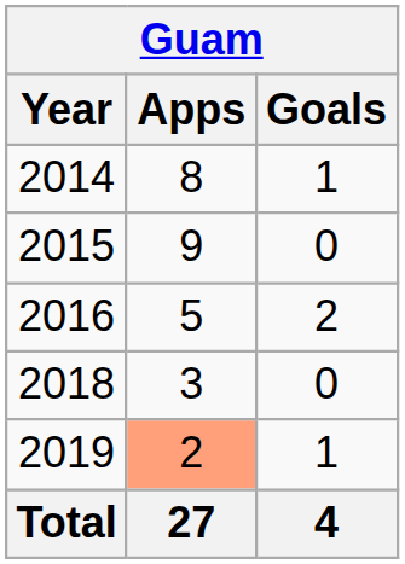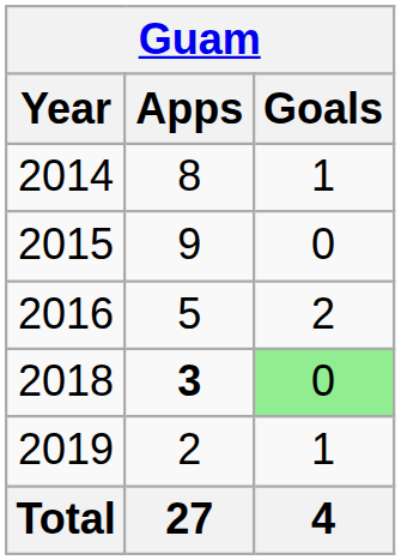 <table class="wikitable" style="text-align:center">
 <tr>
 <th colspan=3><a href='#'>Guam</a></th>
 </tr>
 <tr>
 <th>Year</th>
 <th>Apps</th>
 <th>Goals</th>
 </tr>
 <tr>
 <td>2014</td>
 <td>8</td>
 <td>1</td>
 </tr>
 <tr>
 <td>2015</td>
 <td>9</td>
 <td>0</td>
 </tr>
 <tr>
 <td>2016</td>
 <td>5</td>
 <td>2</td>
 </tr>
 <tr>
 <td>2018</td>
-<td>3</td>
-<td>0</td>
+<td><strong>3</strong></td>
+<td style="background: lightgreen;">0</td>
 </tr>
 <tr>
 <td>2019</td>
-<td style="background: lightsalmon;">2</td>
+<td>2</td>
 <td>1</td>
 </tr>
 <tr>
 <th>Total</th>
 <th>27</th>
 <th>4</th>
 </tr>
 </table>
